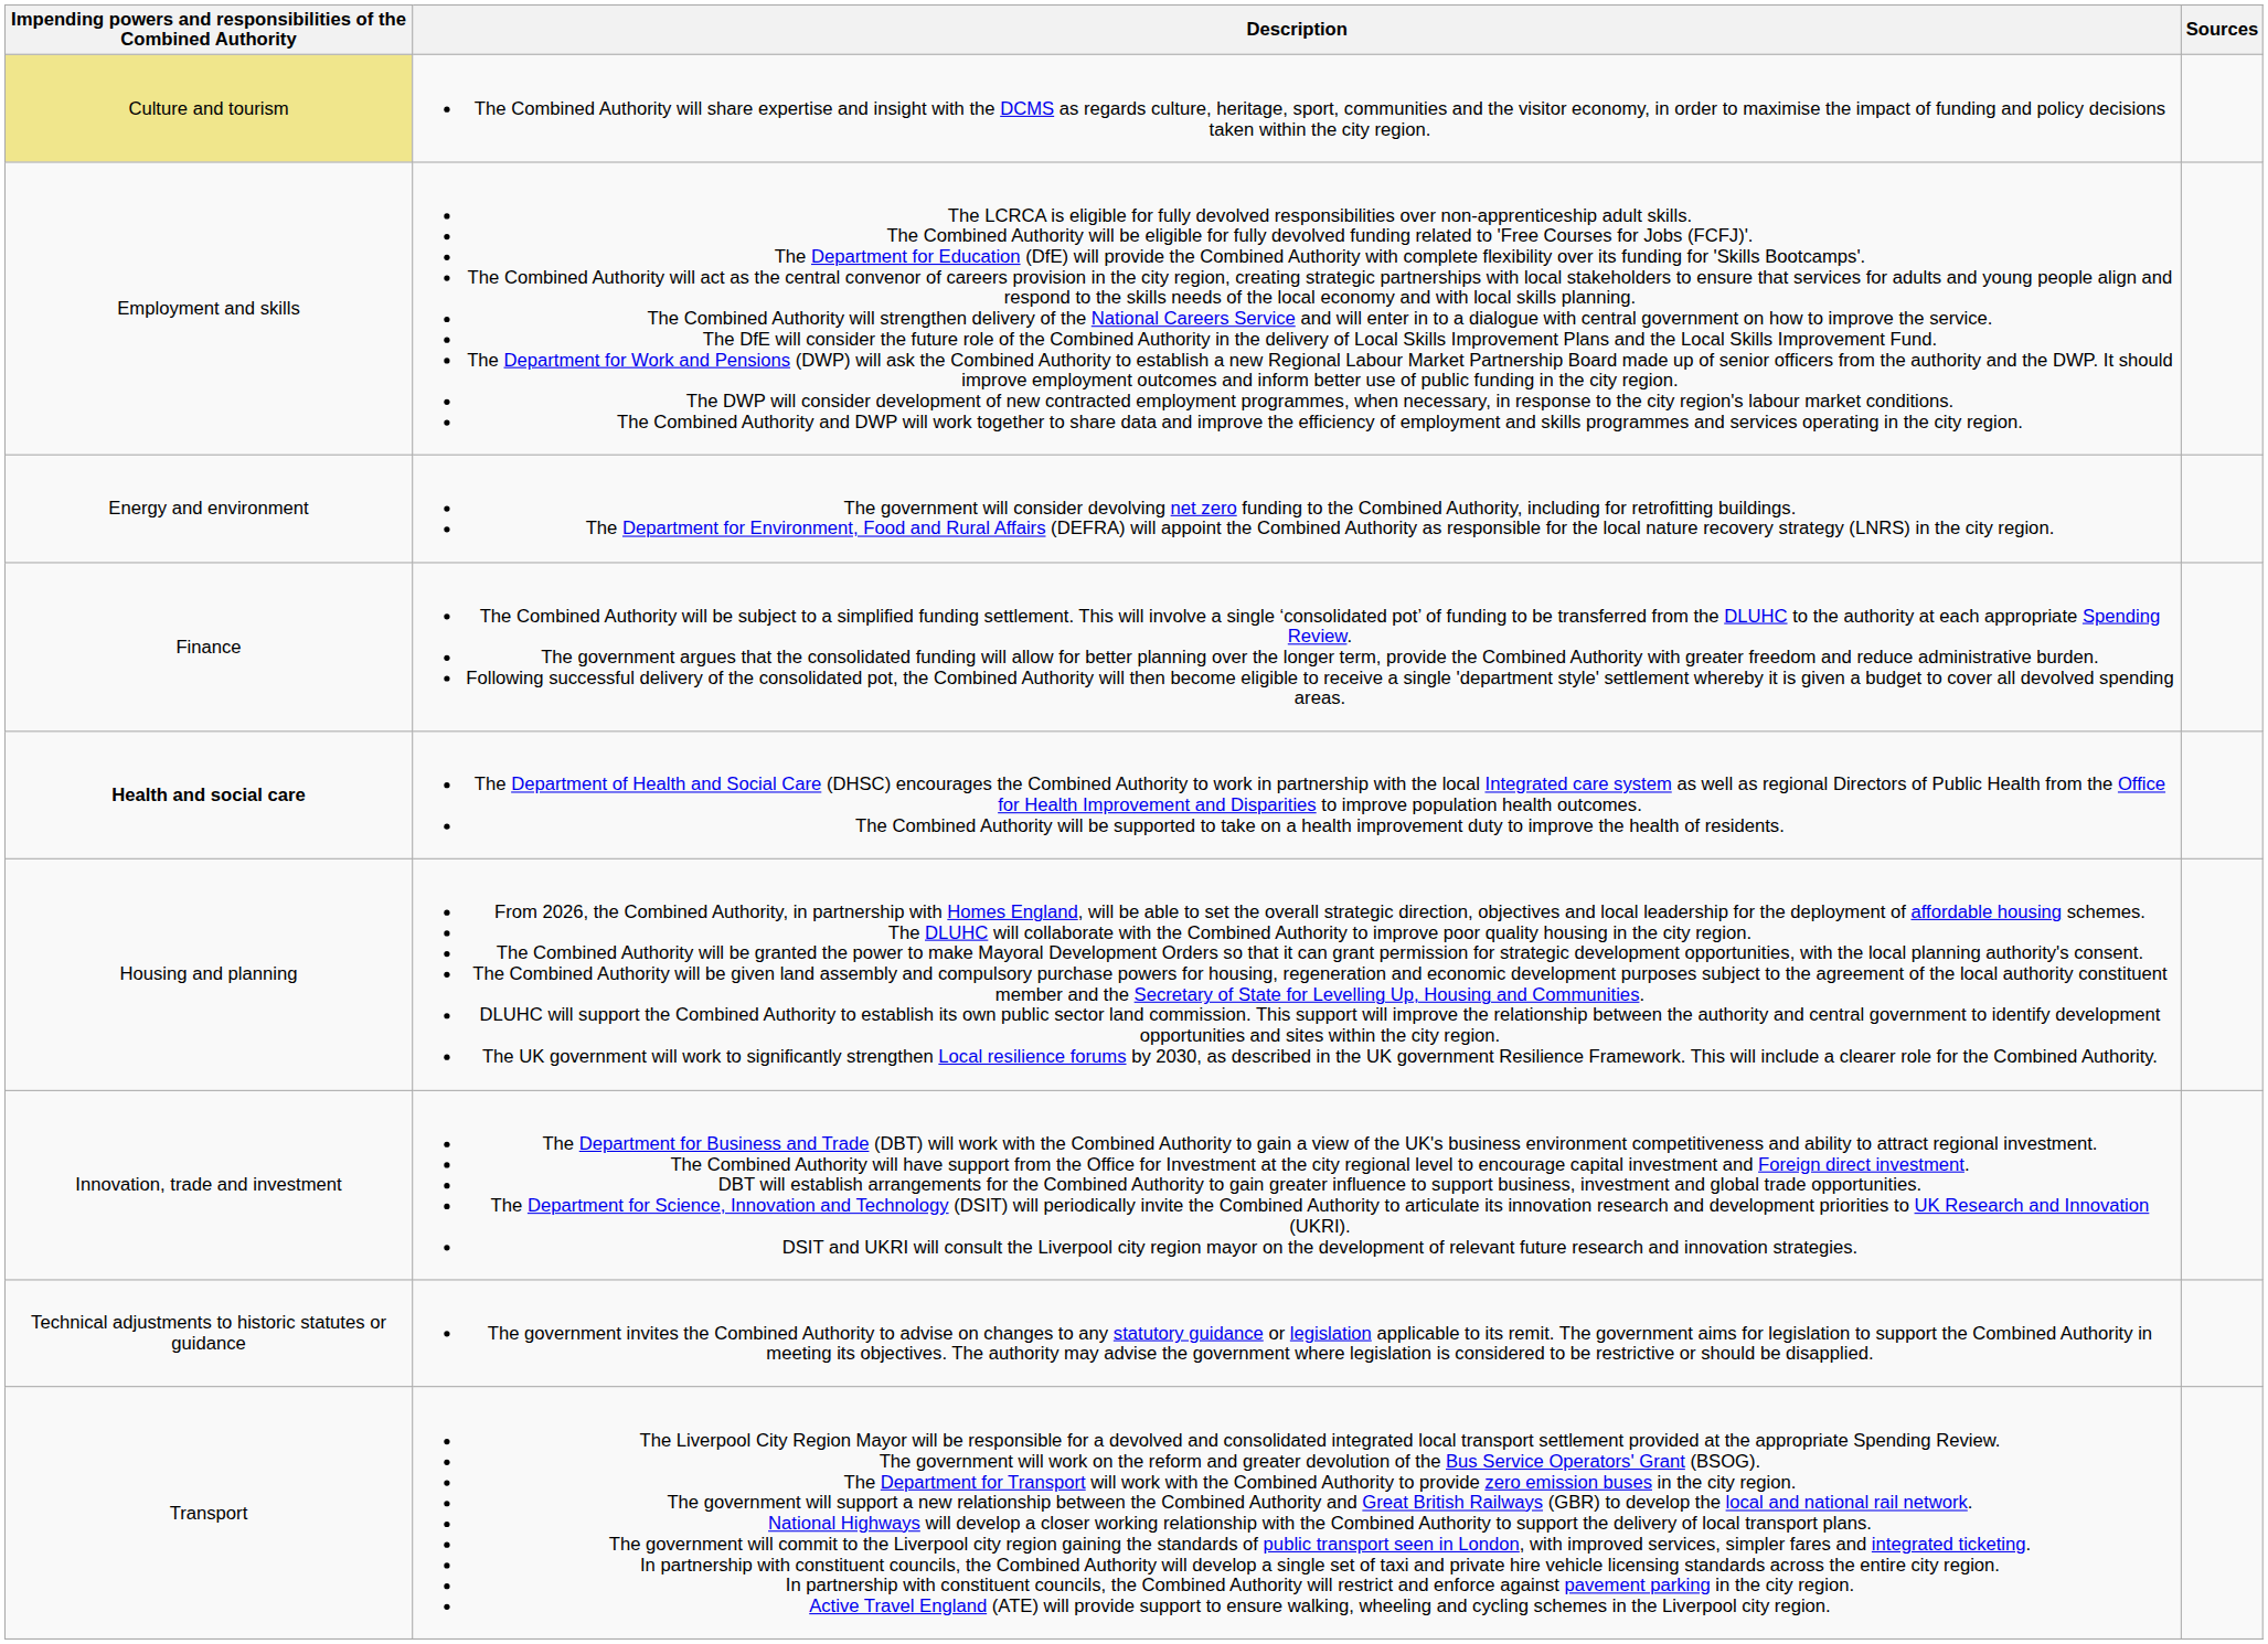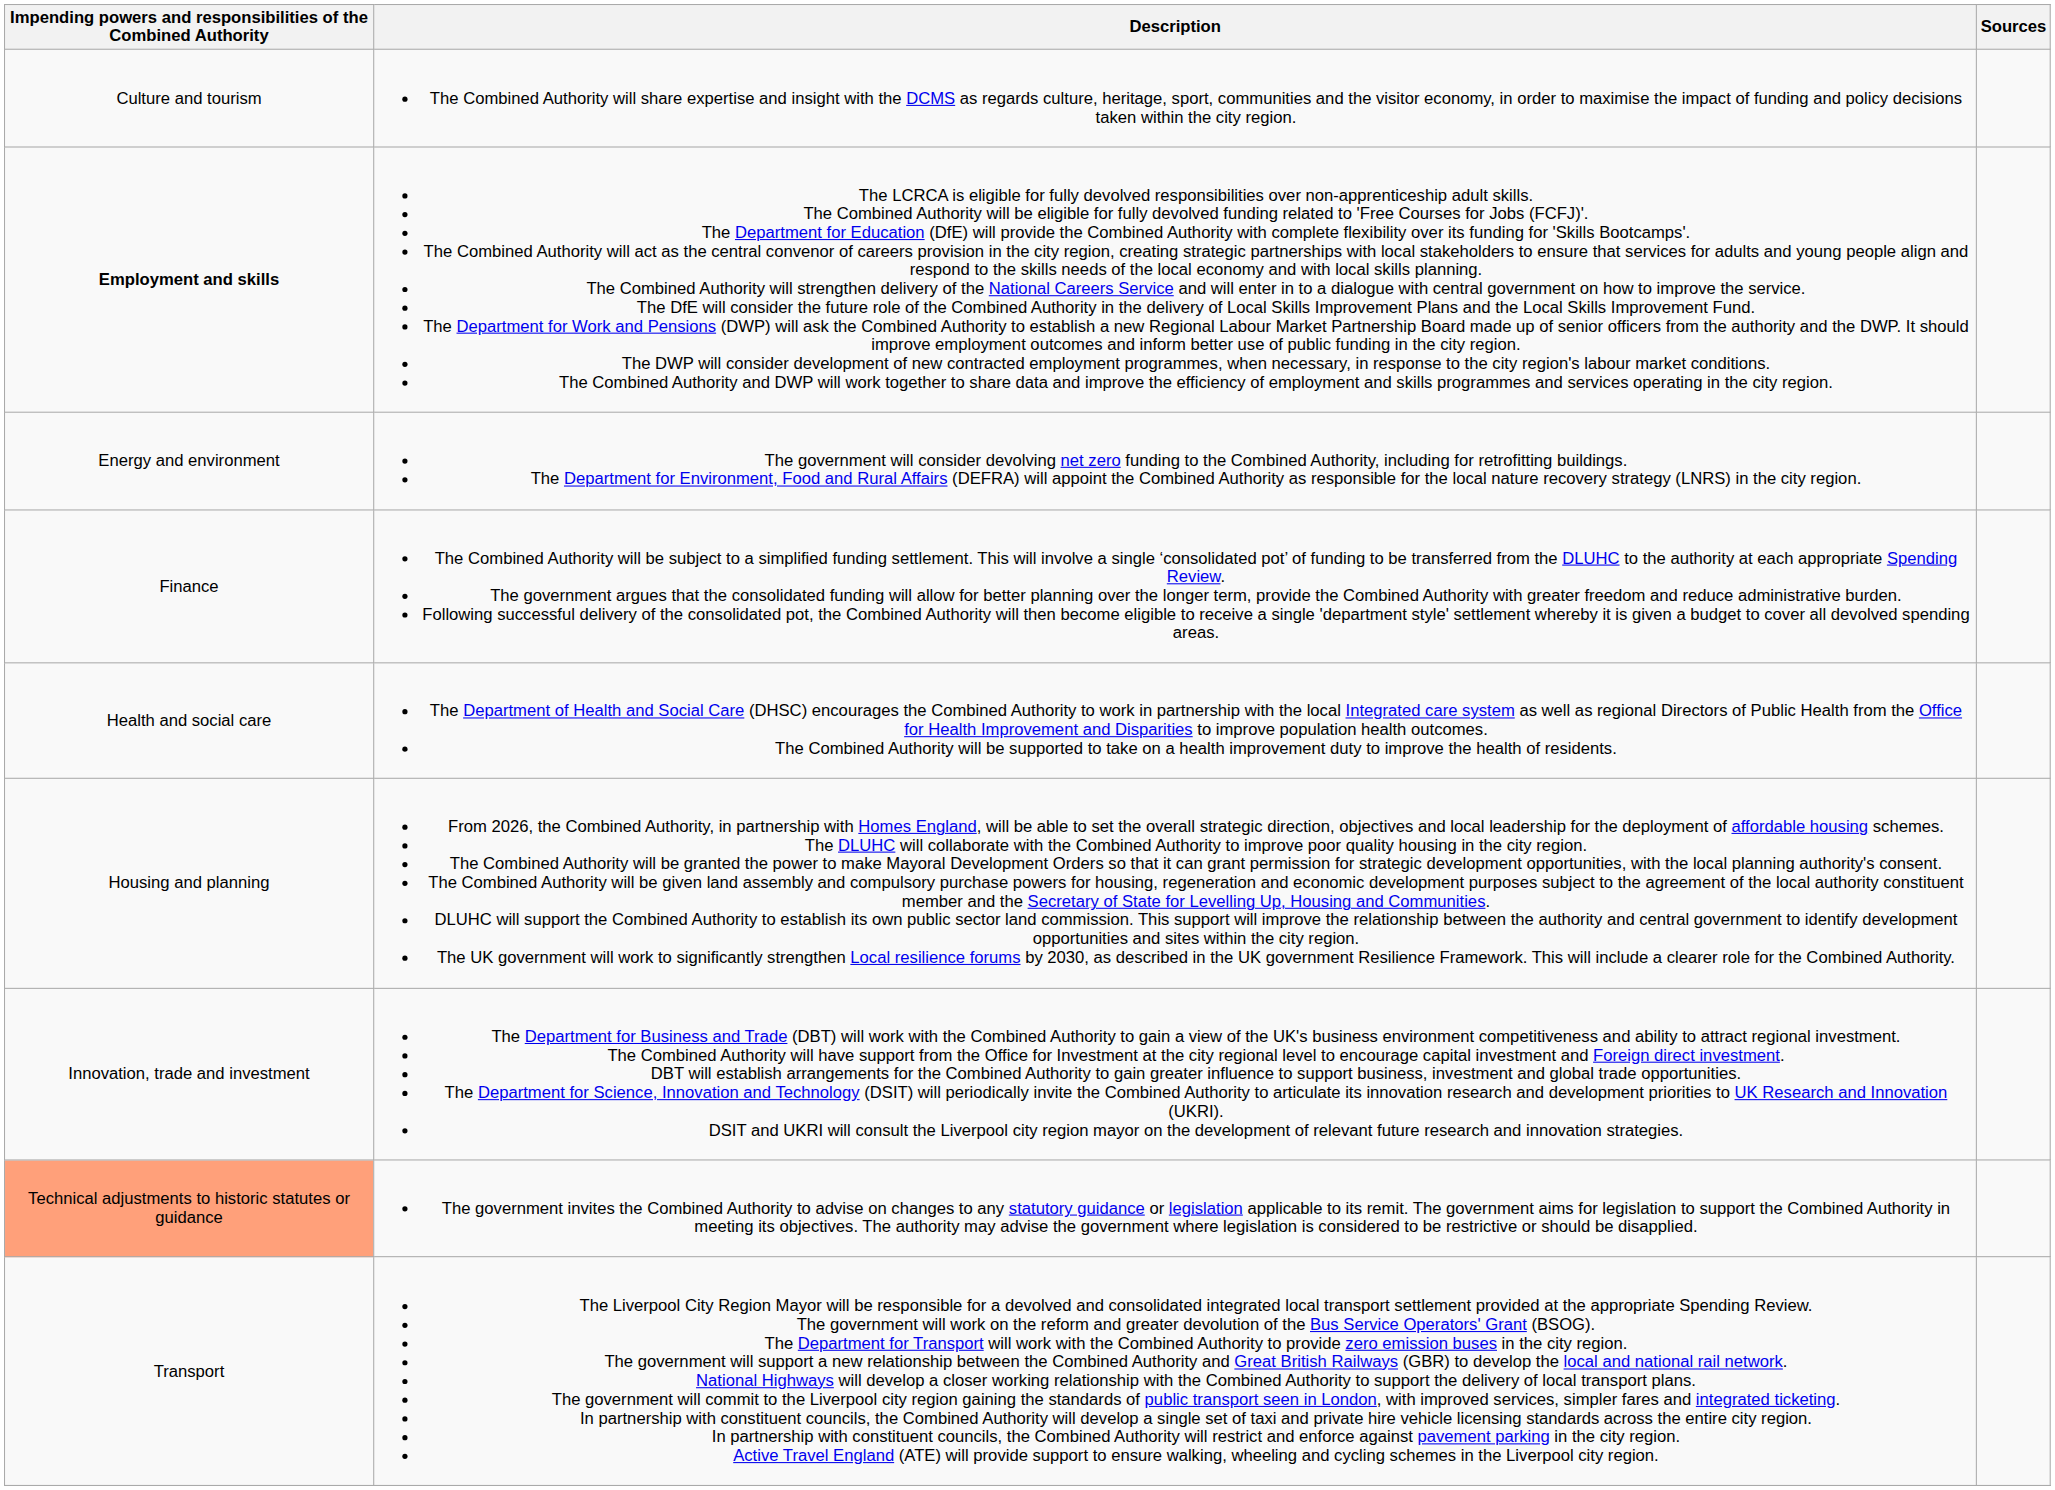 <table class="sortable wikitable" style="text-align:Center">
 <tr>
 <th>Impending powers and responsibilities of the Combined Authority</th>
 <th>Description</th>
 <th>Sources</th>
 </tr>
 <tr>
-<td style="background: khaki;">Culture and tourism</td>
+<td>Culture and tourism</td>
 <td><br><ul><li>The Combined Authority will share expertise and insight with the <a href='#'>DCMS</a> as regards culture, heritage, sport, communities and the visitor economy, in order to maximise the impact of funding and policy decisions taken within the city region.</li></ul></td>
 <td></td>
 </tr>
 <tr>
-<td>Employment and skills</td>
+<td><strong>Employment and skills</strong></td>
 <td><br><ul><li>The LCRCA is eligible for fully devolved responsibilities over non-apprenticeship adult skills.</li><li>The Combined Authority will be eligible for fully devolved funding related to 'Free Courses for Jobs (FCFJ)'.</li><li>The <a href='#'>Department for Education</a> (DfE) will provide the Combined Authority with complete flexibility over its funding for 'Skills Bootcamps'.</li><li>The Combined Authority will act as the central convenor of careers provision in the city region, creating strategic partnerships with local stakeholders to ensure that services for adults and young people align and respond to the skills needs of the local economy and with local skills planning.</li><li>The Combined Authority will strengthen delivery of the <a href='#'>National Careers Service</a> and will enter in to a dialogue with central government on how to improve the service.</li><li>The DfE will consider the future role of the Combined Authority in the delivery of Local Skills Improvement Plans and the Local Skills Improvement Fund.</li><li>The <a href='#'>Department for Work and Pensions</a> (DWP) will ask the Combined Authority to establish a new Regional Labour Market Partnership Board made up of senior officers from the authority and the DWP. It should improve employment outcomes and inform better use of public funding in the city region.</li><li>The DWP will consider development of new contracted employment programmes, when necessary, in response to the city region's labour market conditions.</li><li>The Combined Authority and DWP will work together to share data and improve the efficiency of employment and skills programmes and services operating in the city region.</li></ul></td>
 <td></td>
 </tr>
 <tr>
 <td>Energy and environment</td>
 <td><br><ul><li>The government will consider devolving <a href='#'>net zero</a> funding to the Combined Authority, including for retrofitting buildings.</li><li>The <a href='#'>Department for Environment, Food and Rural Affairs</a> (DEFRA) will appoint the Combined Authority as responsible for the local nature recovery strategy (LNRS) in the city region.</li></ul></td>
 <td></td>
 </tr>
 <tr>
 <td>Finance</td>
 <td><br><ul><li>The Combined Authority will be subject to a simplified funding settlement. This will involve a single ‘consolidated pot’ of funding to be transferred from the <a href='#'>DLUHC</a> to the authority at each appropriate <a href='#'>Spending Review</a>.</li><li>The government argues that the consolidated funding will allow for better planning over the longer term, provide the Combined Authority with greater freedom and reduce administrative burden.</li><li>Following successful delivery of the consolidated pot, the Combined Authority will then become eligible to receive a single 'department style' settlement whereby it is given a budget to cover all devolved spending areas.</li></ul></td>
 <td></td>
 </tr>
 <tr>
-<td><strong>Health and social care</strong></td>
+<td>Health and social care</td>
 <td><br><ul><li>The <a href='#'>Department of Health and Social Care</a> (DHSC) encourages the Combined Authority to work in partnership with the local <a href='#'>Integrated care system</a> as well as regional Directors of Public Health from the <a href='#'>Office for Health Improvement and Disparities</a> to improve population health outcomes.</li><li>The Combined Authority will be supported to take on a health improvement duty to improve the health of residents.</li></ul></td>
 <td></td>
 </tr>
 <tr>
 <td>Housing and planning</td>
 <td><br><ul><li>From 2026, the Combined Authority, in partnership with <a href='#'>Homes England</a>, will be able to set the overall strategic direction, objectives and local leadership for the deployment of <a href='#'>affordable housing</a> schemes.</li><li>The <a href='#'>DLUHC</a> will collaborate with the Combined Authority to improve poor quality housing in the city region.</li><li>The Combined Authority will be granted the power to make Mayoral Development Orders so that it can grant permission for strategic development opportunities, with the local planning authority's consent.</li><li>The Combined Authority will be given land assembly and compulsory purchase powers for housing, regeneration and economic development purposes subject to the agreement of the local authority constituent member and the <a href='#'>Secretary of State for Levelling Up, Housing and Communities</a>.</li><li>DLUHC will support the Combined Authority to establish its own public sector land commission. This support will improve the relationship between the authority and central government to identify development opportunities and sites within the city region.</li><li>The UK government will work to significantly strengthen <a href='#'>Local resilience forums</a> by 2030, as described in the UK government Resilience Framework. This will include a clearer role for the Combined Authority.</li></ul></td>
 <td></td>
 </tr>
 <tr>
 <td>Innovation, trade and investment</td>
 <td><br><ul><li>The <a href='#'>Department for Business and Trade</a> (DBT) will work with the Combined Authority to gain a view of the UK's business environment competitiveness and ability to attract regional investment.</li><li>The Combined Authority will have support from the Office for Investment at the city regional level to encourage capital investment and <a href='#'>Foreign direct investment</a>.</li><li>DBT will establish arrangements for the Combined Authority to gain greater influence to support business, investment and global trade opportunities.</li><li>The <a href='#'>Department for Science, Innovation and Technology</a> (DSIT) will periodically invite the Combined Authority to articulate its innovation research and development priorities to <a href='#'>UK Research and Innovation</a> (UKRI).</li><li>DSIT and UKRI will consult the Liverpool city region mayor on the development of relevant future research and innovation strategies.</li></ul></td>
 <td></td>
 </tr>
 <tr>
-<td>Technical adjustments to historic statutes or guidance</td>
+<td style="background: lightsalmon;">Technical adjustments to historic statutes or guidance</td>
 <td><br><ul><li>The government invites the Combined Authority to advise on changes to any <a href='#'>statutory guidance</a> or <a href='#'>legislation</a> applicable to its remit. The government aims for legislation to support the Combined Authority in meeting its objectives. The authority may advise the government where legislation is considered to be restrictive or should be disapplied.</li></ul></td>
 <td></td>
 </tr>
 <tr>
 <td>Transport</td>
 <td><br><ul><li>The Liverpool City Region Mayor will be responsible for a devolved and consolidated integrated local transport settlement provided at the appropriate Spending Review.</li><li>The government will work on the reform and greater devolution of the <a href='#'>Bus Service Operators' Grant</a> (BSOG).</li><li>The <a href='#'>Department for Transport</a> will work with the Combined Authority to provide <a href='#'>zero emission buses</a> in the city region.</li><li>The government will support a new relationship between the Combined Authority and <a href='#'>Great British Railways</a> (GBR) to develop the <a href='#'>local and national rail network</a>.</li><li><a href='#'>National Highways</a> will develop a closer working relationship with the Combined Authority to support the delivery of local transport plans.</li><li>The government will commit to the Liverpool city region gaining the standards of <a href='#'>public transport seen in London</a>, with improved services, simpler fares and <a href='#'>integrated ticketing</a>.</li><li>In partnership with constituent councils, the Combined Authority will develop a single set of taxi and private hire vehicle licensing standards across the entire city region.</li><li>In partnership with constituent councils, the Combined Authority will restrict and enforce against <a href='#'>pavement parking</a> in the city region.</li><li><a href='#'>Active Travel England</a> (ATE) will provide support to ensure walking, wheeling and cycling schemes in the Liverpool city region.</li></ul></td>
 <td></td>
 </tr>
 <tr>
 </tr>
 </table>
